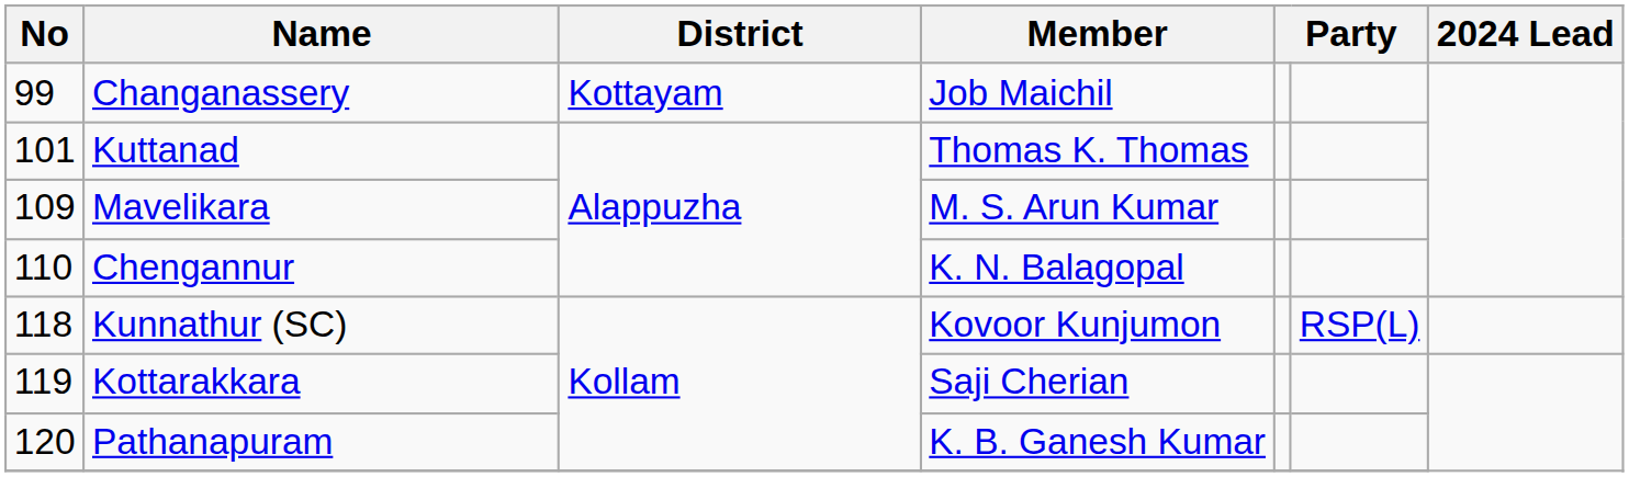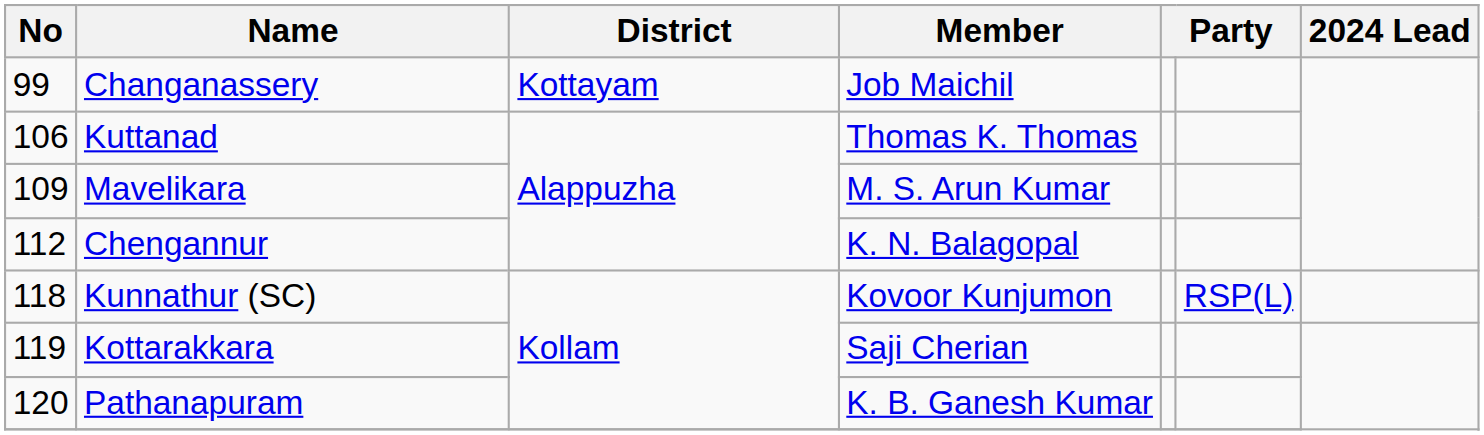 <table class="wikitable sortable">
 <tr>
 <th>No</th>
 <th width="200px">Name</th>
 <th width="150px">District</th>
 <th>Member</th>
 <th colspan=2>Party</th>
 <th colspan=2>2024 Lead</th>
 </tr>
 <tr>
 <td>99</td>
 <td><a href='#'>Changanassery</a></td>
 <td><a href='#'>Kottayam</a></td>
 <td><a href='#'>Job Maichil</a></td>
 <td></td>
 <td></td>
 </tr>
 <tr>
-<td>101</td>
+<td>106</td>
 <td><a href='#'>Kuttanad</a></td>
 <td rowspan=3><a href='#'>Alappuzha</a></td>
 <td><a href='#'>Thomas K. Thomas</a></td>
 <td></td>
 <td></td>
 </tr>
 <tr>
 <td>109</td>
 <td><a href='#'>Mavelikara</a></td>
 <td><a href='#'>M. S. Arun Kumar</a></td>
 <td></td>
 <td></td>
 </tr>
 <tr>
-<td>110</td>
+<td>112</td>
 <td><a href='#'>Chengannur</a></td>
 <td><a href='#'>K. N. Balagopal</a></td>
 <td></td>
 <td></td>
 </tr>
 <tr>
 <td>118</td>
 <td><a href='#'>Kunnathur</a> (SC)</td>
 <td rowspan=3><a href='#'>Kollam</a></td>
 <td><a href='#'>Kovoor Kunjumon</a></td>
 <td style="background-color:"></td>
 <td><a href='#'>RSP(L)</a></td>
 <td></td>
 </tr>
 <tr>
 <td>119</td>
 <td><a href='#'>Kottarakkara</a></td>
 <td><a href='#'>Saji Cherian</a></td>
 <td></td>
 <td></td>
 </tr>
 <tr>
 <td>120</td>
 <td><a href='#'>Pathanapuram</a></td>
 <td><a href='#'>K. B. Ganesh Kumar</a></td>
 <td></td>
 <td></td>
 </tr>
 <tr>
 </tr>
 </table>
